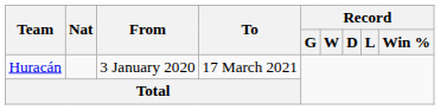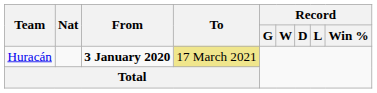 <table class="wikitable" style="text-align: center">
 <tr>
 <th rowspan="2">Team</th>
 <th rowspan="2">Nat</th>
 <th rowspan="2">From</th>
 <th rowspan="2">To</th>
 <th colspan="5">Record</th>
 </tr>
 <tr>
 <th>G</th>
 <th>W</th>
 <th>D</th>
 <th>L</th>
 <th>Win %</th>
 </tr>
 <tr>
 <td align=left><a href='#'>Huracán</a></td>
 <td></td>
-<td align=left>3 January 2020</td>
-<td align=left>17 March 2021<br></td>
+<td align=left><strong>3 January 2020</strong></td>
+<td align=left style="background: khaki;">17 March 2021<br></td>
 </tr>
 <tr>
 <th colspan="4">Total<br></th>
 </tr>
 </table>
